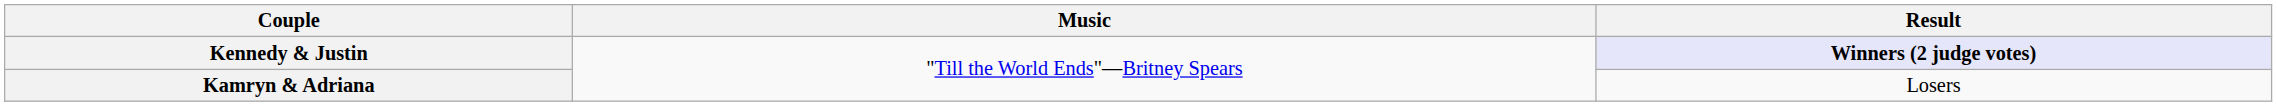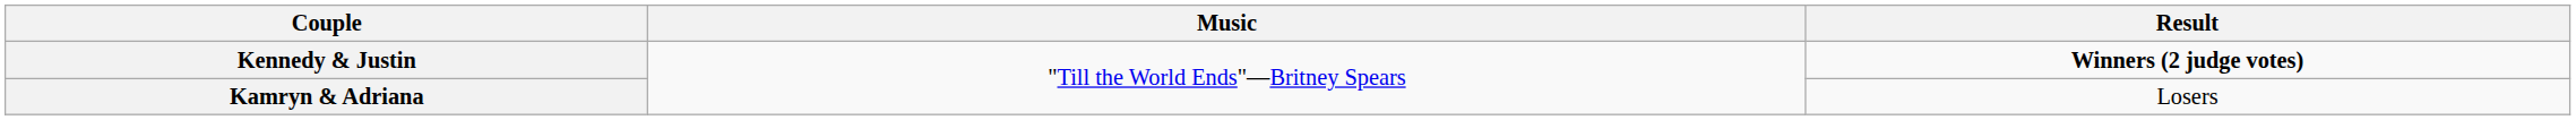 <table class="wikitable sortable" style="text-align:center; width: 90%">
 <tr>
 <th scope="col">Couple</th>
 <th scope="col" class="unsortable">Music</th>
 <th scope="col" class="unsortable">Result</th>
 </tr>
 <tr>
 <th scope="col">Kennedy & Justin</th>
 <td rowspan=2>"<a href='#'>Till the World Ends</a>"—<a href='#'>Britney Spears</a></td>
-<td style="background: lavender;"><strong>Winners (2 judge votes)</strong></td>
+<td><strong>Winners (2 judge votes)</strong></td>
 </tr>
 <tr>
 <th scope="col">Kamryn & Adriana</th>
 <td>Losers</td>
 </tr>
 </table>
